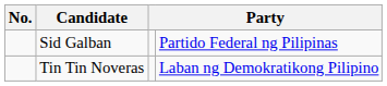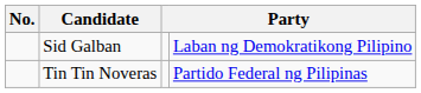 <table class="wikitable sortable" style="text-align:left;">
 <tr>
 <th>No.</th>
 <th>Candidate</th>
 <th colspan="2">Party</th>
 </tr>
 <tr>
 <td></td>
 <td>Sid Galban</td>
 <td></td>
-<td><a href='#'>Partido Federal ng Pilipinas</a></td>
+<td><a href='#'>Laban ng Demokratikong Pilipino</a></td>
 </tr>
 <tr>
 <td></td>
 <td>Tin Tin Noveras</td>
 <td></td>
-<td><a href='#'>Laban ng Demokratikong Pilipino</a></td>
+<td><a href='#'>Partido Federal ng Pilipinas</a></td>
 </tr>
 </table>
